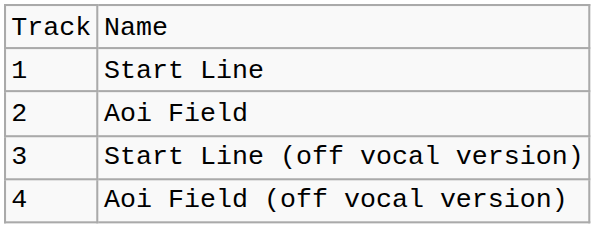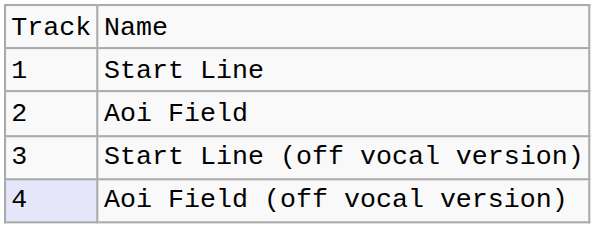 <table class="wikitable">
 <tr>
 <td>Track</td>
 <td>Name</td>
 </tr>
 <tr>
 <td>1</td>
 <td>Start Line</td>
 </tr>
 <tr>
 <td>2</td>
 <td>Aoi Field</td>
 </tr>
 <tr>
 <td>3</td>
 <td>Start Line (off vocal version)</td>
 </tr>
 <tr>
-<td>4</td>
+<td style="background: lavender;">4</td>
 <td>Aoi Field (off vocal version)</td>
 </tr>
 </table>
